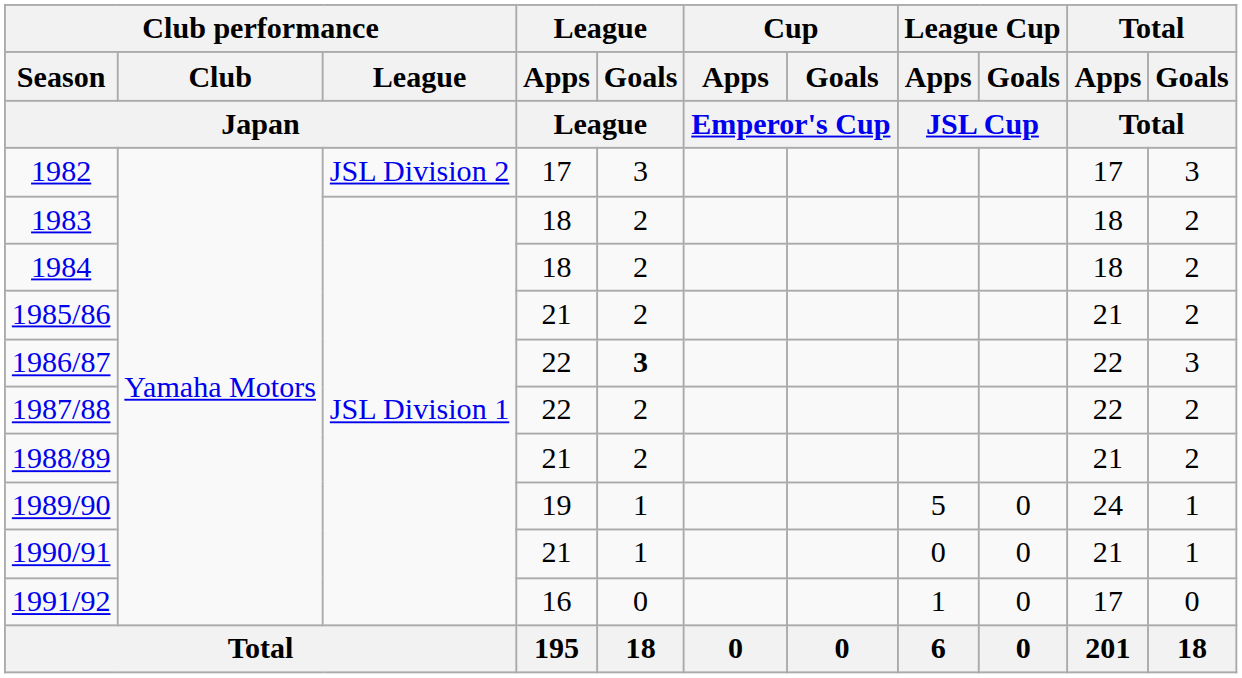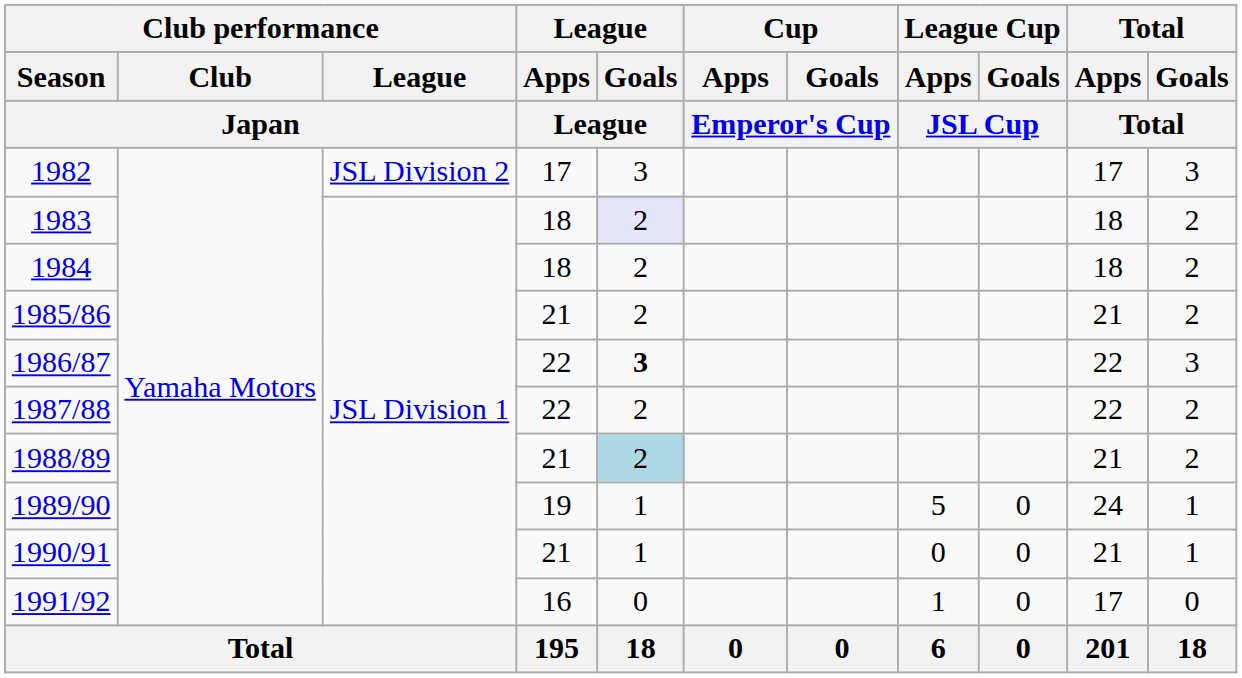 <table class="wikitable" style="text-align:center;">
 <tr>
 <th colspan=3>Club performance</th>
 <th colspan=2>League</th>
 <th colspan=2>Cup</th>
 <th colspan=2>League Cup</th>
 <th colspan=2>Total</th>
 </tr>
 <tr>
 <th>Season</th>
 <th>Club</th>
 <th>League</th>
 <th>Apps</th>
 <th>Goals</th>
 <th>Apps</th>
 <th>Goals</th>
 <th>Apps</th>
 <th>Goals</th>
 <th>Apps</th>
 <th>Goals</th>
 </tr>
 <tr>
 <th colspan=3>Japan</th>
 <th colspan=2>League</th>
 <th colspan=2><a href='#'>Emperor's Cup</a></th>
 <th colspan=2><a href='#'>JSL Cup</a></th>
 <th colspan=2>Total</th>
 </tr>
 <tr>
 <td><a href='#'>1982</a></td>
 <td rowspan="10"><a href='#'>Yamaha Motors</a></td>
 <td><a href='#'>JSL Division 2</a></td>
 <td>17</td>
 <td>3</td>
 <td></td>
 <td></td>
 <td></td>
 <td></td>
 <td>17</td>
 <td>3</td>
 </tr>
 <tr>
 <td><a href='#'>1983</a></td>
 <td rowspan="9"><a href='#'>JSL Division 1</a></td>
 <td>18</td>
-<td>2</td>
+<td style="background: lavender;">2</td>
 <td></td>
 <td></td>
 <td></td>
 <td></td>
 <td>18</td>
 <td>2</td>
 </tr>
 <tr>
 <td><a href='#'>1984</a></td>
 <td>18</td>
 <td>2</td>
 <td></td>
 <td></td>
 <td></td>
 <td></td>
 <td>18</td>
 <td>2</td>
 </tr>
 <tr>
 <td><a href='#'>1985/86</a></td>
 <td>21</td>
 <td>2</td>
 <td></td>
 <td></td>
 <td></td>
 <td></td>
 <td>21</td>
 <td>2</td>
 </tr>
 <tr>
 <td><a href='#'>1986/87</a></td>
 <td>22</td>
 <td><strong>3</strong></td>
 <td></td>
 <td></td>
 <td></td>
 <td></td>
 <td>22</td>
 <td>3</td>
 </tr>
 <tr>
 <td><a href='#'>1987/88</a></td>
 <td>22</td>
 <td>2</td>
 <td></td>
 <td></td>
 <td></td>
 <td></td>
 <td>22</td>
 <td>2</td>
 </tr>
 <tr>
 <td><a href='#'>1988/89</a></td>
 <td>21</td>
-<td>2</td>
+<td style="background: lightblue;">2</td>
 <td></td>
 <td></td>
 <td></td>
 <td></td>
 <td>21</td>
 <td>2</td>
 </tr>
 <tr>
 <td><a href='#'>1989/90</a></td>
 <td>19</td>
 <td>1</td>
 <td></td>
 <td></td>
 <td>5</td>
 <td>0</td>
 <td>24</td>
 <td>1</td>
 </tr>
 <tr>
 <td><a href='#'>1990/91</a></td>
 <td>21</td>
 <td>1</td>
 <td></td>
 <td></td>
 <td>0</td>
 <td>0</td>
 <td>21</td>
 <td>1</td>
 </tr>
 <tr>
 <td><a href='#'>1991/92</a></td>
 <td>16</td>
 <td>0</td>
 <td></td>
 <td></td>
 <td>1</td>
 <td>0</td>
 <td>17</td>
 <td>0</td>
 </tr>
 <tr>
 <th colspan=3>Total</th>
 <th>195</th>
 <th>18</th>
 <th>0</th>
 <th>0</th>
 <th>6</th>
 <th>0</th>
 <th>201</th>
 <th>18</th>
 </tr>
 </table>
